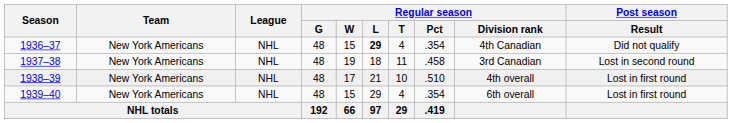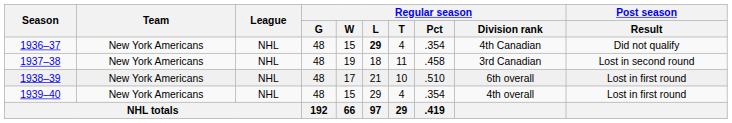 <table class="wikitable" style="font-size: 95%; text-align:center; width:70em;">
 <tr>
 <th rowspan="2">Season</th>
 <th rowspan="2">Team</th>
 <th rowspan="2">League</th>
 <th colspan="6"><a href='#'>Regular season</a></th>
 <th colspan="1"><a href='#'>Post season</a></th>
 </tr>
 <tr>
 <th>G</th>
 <th>W</th>
 <th>L</th>
 <th>T</th>
 <th>Pct</th>
 <th>Division rank</th>
 <th>Result</th>
 </tr>
 <tr>
 <td><a href='#'>1936–37</a></td>
 <td>New York Americans</td>
 <td>NHL</td>
 <td>48</td>
 <td>15</td>
 <td><strong>29</strong></td>
 <td>4</td>
 <td>.354</td>
 <td>4th Canadian</td>
 <td>Did not qualify</td>
 </tr>
 <tr>
 <td><a href='#'>1937–38</a></td>
 <td>New York Americans</td>
 <td>NHL</td>
 <td>48</td>
 <td>19</td>
 <td>18</td>
 <td>11</td>
 <td>.458</td>
 <td>3rd Canadian</td>
 <td>Lost in second round</td>
 </tr>
 <tr bgcolor="#f0f0f0">
 <td><a href='#'>1938–39</a></td>
 <td>New York Americans</td>
 <td>NHL</td>
 <td>48</td>
 <td>17</td>
 <td>21</td>
 <td>10</td>
 <td>.510</td>
-<td>4th overall</td>
+<td>6th overall</td>
 <td>Lost in first round</td>
 </tr>
 <tr>
 <td><a href='#'>1939–40</a></td>
 <td>New York Americans</td>
 <td>NHL</td>
 <td>48</td>
 <td>15</td>
 <td>29</td>
 <td>4</td>
 <td>.354</td>
-<td>6th overall</td>
+<td>4th overall</td>
 <td>Lost in first round</td>
 </tr>
 <tr bgcolor="#f0f0f0">
 <th colspan="3">NHL totals</th>
 <th>192</th>
 <th>66</th>
 <th>97</th>
 <th>29</th>
 <th>.419</th>
 <th></th>
 <th></th>
 </tr>
 </table>
